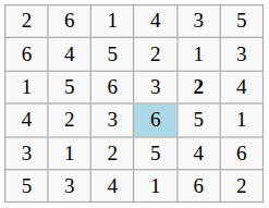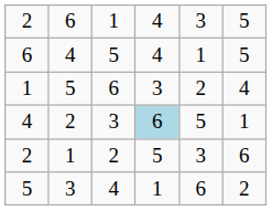 <table class="wikitable" border="1" align="center" style="margin: 1em auto 1em auto; text-align:center; width:200px">
 <tr>
 <td>2</td>
 <td>6</td>
 <td>1</td>
 <td>4</td>
 <td>3</td>
 <td>5</td>
 </tr>
 <tr>
 <td>6</td>
 <td>4</td>
 <td>5</td>
-<td>2</td>
+<td>4</td>
 <td>1</td>
-<td>3</td>
+<td>5</td>
 </tr>
 <tr>
 <td>1</td>
 <td>5</td>
 <td>6</td>
 <td>3</td>
-<td><strong>2</strong></td>
+<td>2</td>
 <td>4</td>
 </tr>
 <tr>
 <td>4</td>
 <td>2</td>
 <td>3</td>
 <td style="background: lightblue;">6</td>
 <td>5</td>
 <td>1</td>
 </tr>
 <tr>
-<td>3</td>
+<td>2</td>
 <td>1</td>
 <td>2</td>
 <td>5</td>
-<td>4</td>
+<td>3</td>
 <td>6</td>
 </tr>
 <tr>
 <td>5</td>
 <td>3</td>
 <td>4</td>
 <td>1</td>
 <td>6</td>
 <td>2</td>
 </tr>
 </table>
